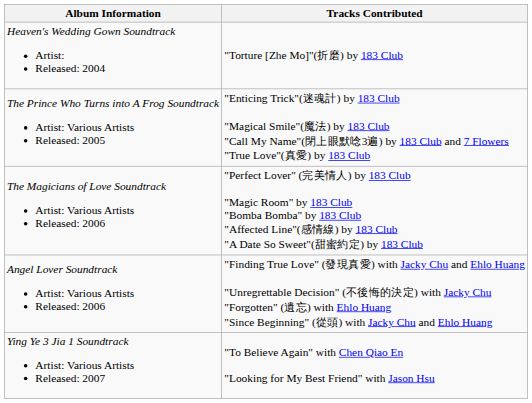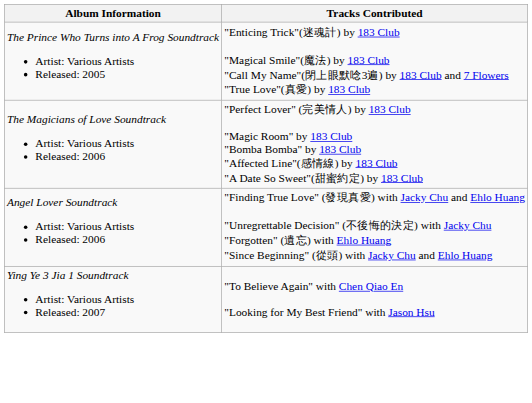 <table class="wikitable">
 <tr>
 <th>Album Information</th>
 <th>Tracks Contributed</th>
-</tr>
-<tr>
-<td><em>Heaven's Wedding Gown Soundtrack</em><br><ul><li>Artist:</li><li>Released: 2004</li></ul></td>
-<td>"Torture [Zhe Mo]"(折磨) by <a href='#'>183 Club</a></td>
 </tr>
 <tr>
 <td><em>The Prince Who Turns into A Frog Soundtrack</em><br><ul><li>Artist: Various Artists</li><li>Released: 2005</li></ul></td>
 <td>"Enticing Trick"(迷魂計) by <a href='#'>183 Club</a><br><br>"Magical Smile"(魔法) by <a href='#'>183 Club</a><br> "Call My Name"(閉上眼默唸3遍) by <a href='#'>183 Club</a> and <a href='#'>7 Flowers</a><br> "True Love"(真愛) by <a href='#'>183 Club</a><br></td>
 </tr>
 <tr>
 <td><em>The Magicians of Love Soundtrack</em><br><ul><li>Artist: Various Artists</li><li>Released: 2006</li></ul></td>
 <td>"Perfect Lover" (完美情人) by <a href='#'>183 Club</a><br><br>"Magic Room" by <a href='#'>183 Club</a><br> "Bomba Bomba" by <a href='#'>183 Club</a><br> "Affected Line"(感情線) by <a href='#'>183 Club</a><br> "A Date So Sweet"(甜蜜約定) by <a href='#'>183 Club</a><br></td>
 </tr>
 <tr>
 <td><em>Angel Lover Soundtrack</em><br><ul><li>Artist: Various Artists</li><li>Released: 2006</li></ul></td>
 <td>"Finding True Love" (發現真愛) with <a href='#'>Jacky Chu</a> and <a href='#'>Ehlo Huang</a><br><br>"Unregrettable Decision" (不後悔的決定) with <a href='#'>Jacky Chu</a><br> "Forgotten" (遺忘) with <a href='#'>Ehlo Huang</a><br> "Since Beginning" (從頭) with <a href='#'>Jacky Chu</a> and <a href='#'>Ehlo Huang</a></td>
 </tr>
 <tr>
 <td><em>Ying Ye 3 Jia 1 Soundtrack</em><br><ul><li>Artist: Various Artists</li><li>Released: 2007</li></ul></td>
 <td>"To Believe Again" with <a href='#'>Chen Qiao En</a><br><br>"Looking for My Best Friend" with <a href='#'>Jason Hsu</a><br></td>
 </tr>
 </table>
